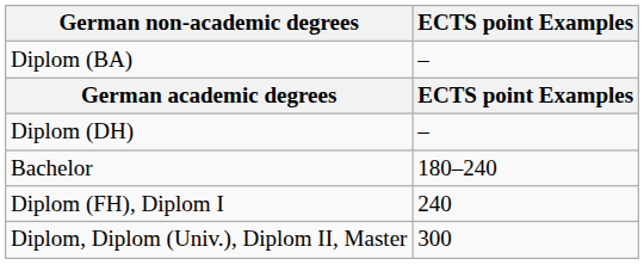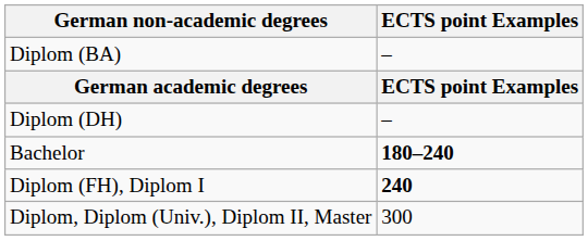 <table class="wikitable">
 <tr>
 <th>German non-academic degrees</th>
 <th>ECTS point Examples</th>
 </tr>
 <tr>
 <td>Diplom (BA)</td>
 <td>–</td>
 </tr>
 <tr>
 <th>German academic degrees</th>
 <th>ECTS point Examples</th>
 </tr>
 <tr>
 <td>Diplom (DH)</td>
 <td>–</td>
 </tr>
 <tr>
 <td>Bachelor</td>
-<td>180–240</td>
+<td><strong>180–240</strong></td>
 </tr>
 <tr>
 <td>Diplom (FH), Diplom I</td>
-<td>240</td>
+<td><strong>240</strong></td>
 </tr>
 <tr>
 <td>Diplom, Diplom (Univ.), Diplom II, Master</td>
 <td>300</td>
 </tr>
 </table>
